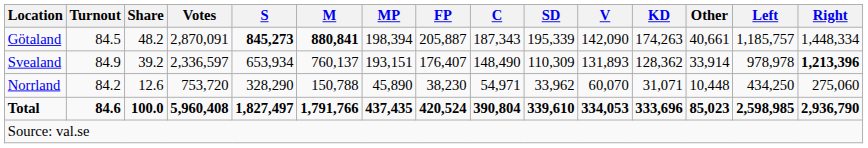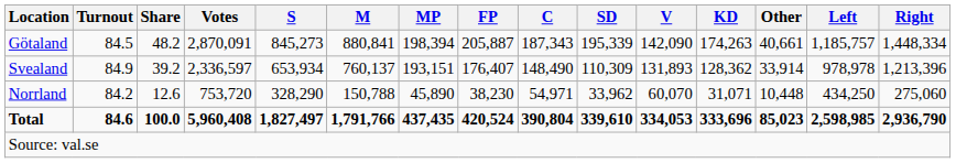 <table class="wikitable sortable" style=text-align:right>
 <tr>
 <th>Location</th>
 <th>Turnout</th>
 <th>Share</th>
 <th>Votes</th>
 <th><a href='#'>S</a></th>
 <th><a href='#'>M</a></th>
 <th><a href='#'>MP</a></th>
 <th><a href='#'>FP</a></th>
 <th><a href='#'>C</a></th>
 <th><a href='#'>SD</a></th>
 <th><a href='#'>V</a></th>
 <th><a href='#'>KD</a></th>
 <th>Other</th>
 <th><a href='#'>Left</a></th>
 <th><a href='#'>Right</a></th>
 </tr>
 <tr>
 <td align=left><a href='#'>Götaland</a></td>
 <td>84.5</td>
 <td>48.2</td>
 <td>2,870,091</td>
-<td><strong>845,273</strong></td>
-<td><strong>880,841</strong></td>
+<td>845,273</td>
+<td>880,841</td>
 <td>198,394</td>
 <td>205,887</td>
 <td>187,343</td>
 <td>195,339</td>
 <td>142,090</td>
 <td>174,263</td>
 <td>40,661</td>
 <td>1,185,757</td>
 <td>1,448,334</td>
 </tr>
 <tr>
 <td align=left><a href='#'>Svealand</a></td>
 <td>84.9</td>
 <td>39.2</td>
 <td>2,336,597</td>
 <td>653,934</td>
 <td>760,137</td>
 <td>193,151</td>
 <td>176,407</td>
 <td>148,490</td>
 <td>110,309</td>
 <td>131,893</td>
 <td>128,362</td>
 <td>33,914</td>
 <td>978,978</td>
-<td><strong>1,213,396</strong></td>
+<td>1,213,396</td>
 </tr>
 <tr>
 <td align=left><a href='#'>Norrland</a></td>
 <td>84.2</td>
 <td>12.6</td>
 <td>753,720</td>
 <td>328,290</td>
 <td>150,788</td>
 <td>45,890</td>
 <td>38,230</td>
 <td>54,971</td>
 <td>33,962</td>
 <td>60,070</td>
 <td>31,071</td>
 <td>10,448</td>
 <td>434,250</td>
 <td>275,060</td>
 </tr>
 <tr>
 <td align=left><strong>Total</strong></td>
 <td><strong>84.6</strong></td>
 <td><strong>100.0</strong></td>
 <td><strong>5,960,408</strong></td>
 <td><strong>1,827,497</strong></td>
 <td><strong>1,791,766</strong></td>
 <td><strong>437,435</strong></td>
 <td><strong>420,524</strong></td>
 <td><strong>390,804</strong></td>
 <td><strong>339,610</strong></td>
 <td><strong>334,053</strong></td>
 <td><strong>333,696</strong></td>
 <td><strong>85,023</strong></td>
 <td><strong>2,598,985</strong></td>
 <td><strong>2,936,790</strong></td>
 </tr>
 <tr>
 <td align=left colspan=15>Source: val.se </td>
 </tr>
 </table>
